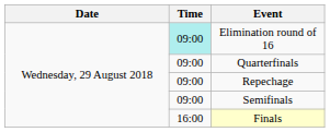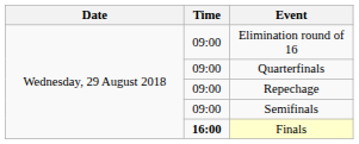 <table class = "wikitable" style="text-align:center;">
 <tr>
 <th width=220>Date</th>
 <th width=50>Time</th>
 <th width=150>Event</th>
 </tr>
 <tr>
 <td rowspan=5>Wednesday, 29 August 2018</td>
-<td style="background: paleturquoise;">09:00</td>
+<td>09:00</td>
 <td>Elimination round of 16</td>
 </tr>
 <tr>
 <td>09:00</td>
 <td>Quarterfinals</td>
 </tr>
 <tr>
 <td>09:00</td>
 <td>Repechage</td>
 </tr>
 <tr>
 <td>09:00</td>
 <td>Semifinals</td>
 </tr>
 <tr>
-<td>16:00</td>
+<td><strong>16:00</strong></td>
 <td bgcolor=ffffcc>Finals</td>
 </tr>
 </table>
